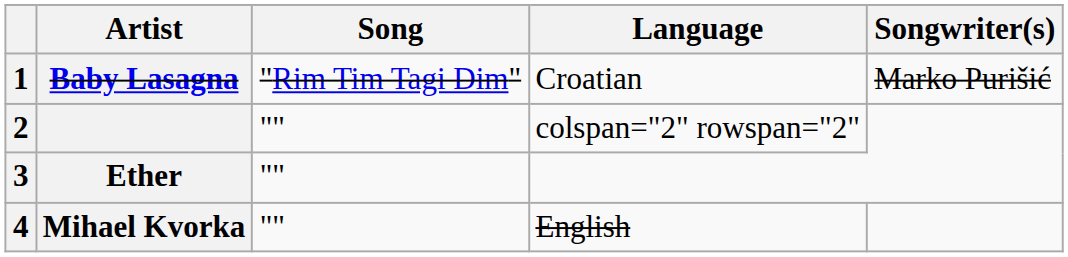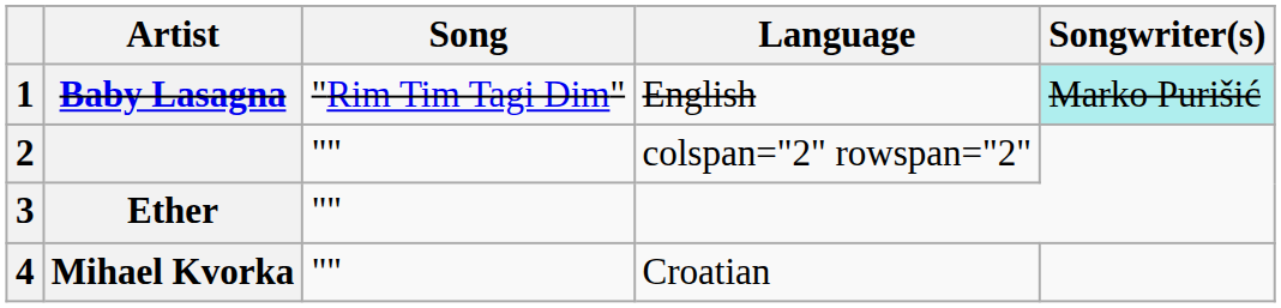 <table class="wikitable sortable plainrowheaders" style="margin: 1em auto 1em auto">
 <tr>
 <th></th>
 <th>Artist</th>
 <th>Song</th>
 <th>Language</th>
 <th class="unsortable">Songwriter(s)</th>
 </tr>
 <tr>
 <th scope="row">1</th>
 <th scope="row"><s><a href='#'>Baby Lasagna</a></s></th>
 <td><s>"<a href='#'>Rim Tim Tagi Dim</a>"</s></td>
-<td>Croatian</td>
-<td><s>Marko Purišić</s></td>
+<td><s>English</s></td>
+<td style="background: paleturquoise;"><s>Marko Purišić</s></td>
 </tr>
 <tr>
 <th scope="row">2</th>
 <th scope="row"></th>
 <td>""</td>
 <td>colspan="2" rowspan="2" </td>
 </tr>
 <tr>
 <th scope="row">3</th>
 <th scope="row">Ether</th>
 <td>""</td>
 </tr>
 <tr>
 <th scope="row">4</th>
 <th scope="row">Mihael Kvorka</th>
 <td>""</td>
-<td><s>English</s></td>
+<td>Croatian</td>
 <td></td>
 </tr>
 </table>
